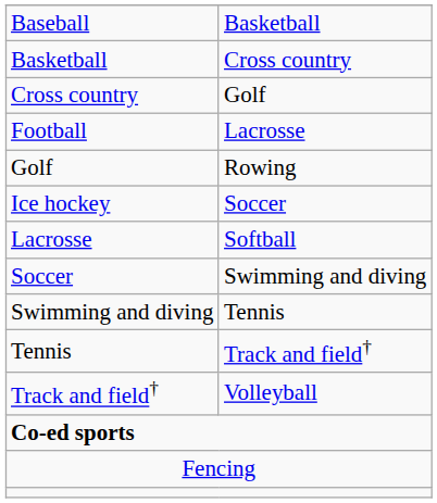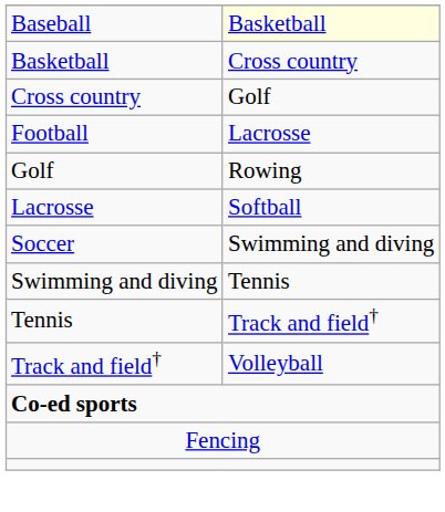 <table class="wikitable" style="float:right; clear:right; margin:0 0 1em 1em;">
 <tr>
 </tr>
 <tr>
 <td><a href='#'>Baseball</a></td>
-<td><a href='#'>Basketball</a></td>
+<td style="background: lightyellow;"><a href='#'>Basketball</a></td>
 </tr>
 <tr>
 <td><a href='#'>Basketball</a></td>
 <td><a href='#'>Cross country</a></td>
 </tr>
 <tr>
 <td><a href='#'>Cross country</a></td>
 <td>Golf</td>
 </tr>
 <tr>
 <td><a href='#'>Football</a></td>
 <td><a href='#'>Lacrosse</a></td>
 </tr>
 <tr>
 <td>Golf</td>
 <td>Rowing</td>
-</tr>
-<tr>
-<td><a href='#'>Ice hockey</a></td>
-<td><a href='#'>Soccer</a></td>
 </tr>
 <tr>
 <td><a href='#'>Lacrosse</a></td>
 <td><a href='#'>Softball</a></td>
 </tr>
 <tr>
 <td><a href='#'>Soccer</a></td>
 <td>Swimming and diving</td>
 </tr>
 <tr>
 <td>Swimming and diving</td>
 <td>Tennis</td>
 </tr>
 <tr>
 <td>Tennis</td>
 <td><a href='#'>Track and field</a><sup>†</sup></td>
 </tr>
 <tr>
 <td><a href='#'>Track and field</a><sup>†</sup></td>
 <td><a href='#'>Volleyball</a></td>
 </tr>
 <tr>
 <td colspan="2"><strong>Co-ed sports</strong></td>
 </tr>
 <tr style="text-align:center">
 <td colspan="2"><a href='#'>Fencing</a></td>
 </tr>
 <tr>
 <td colspan="2"></td>
 </tr>
 </table>
